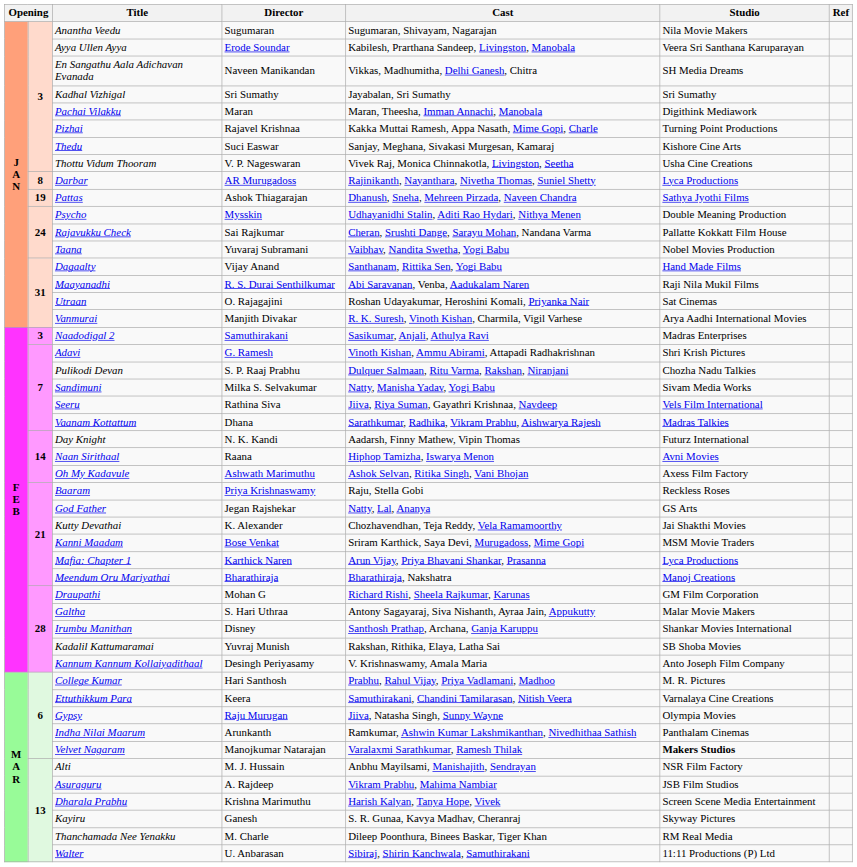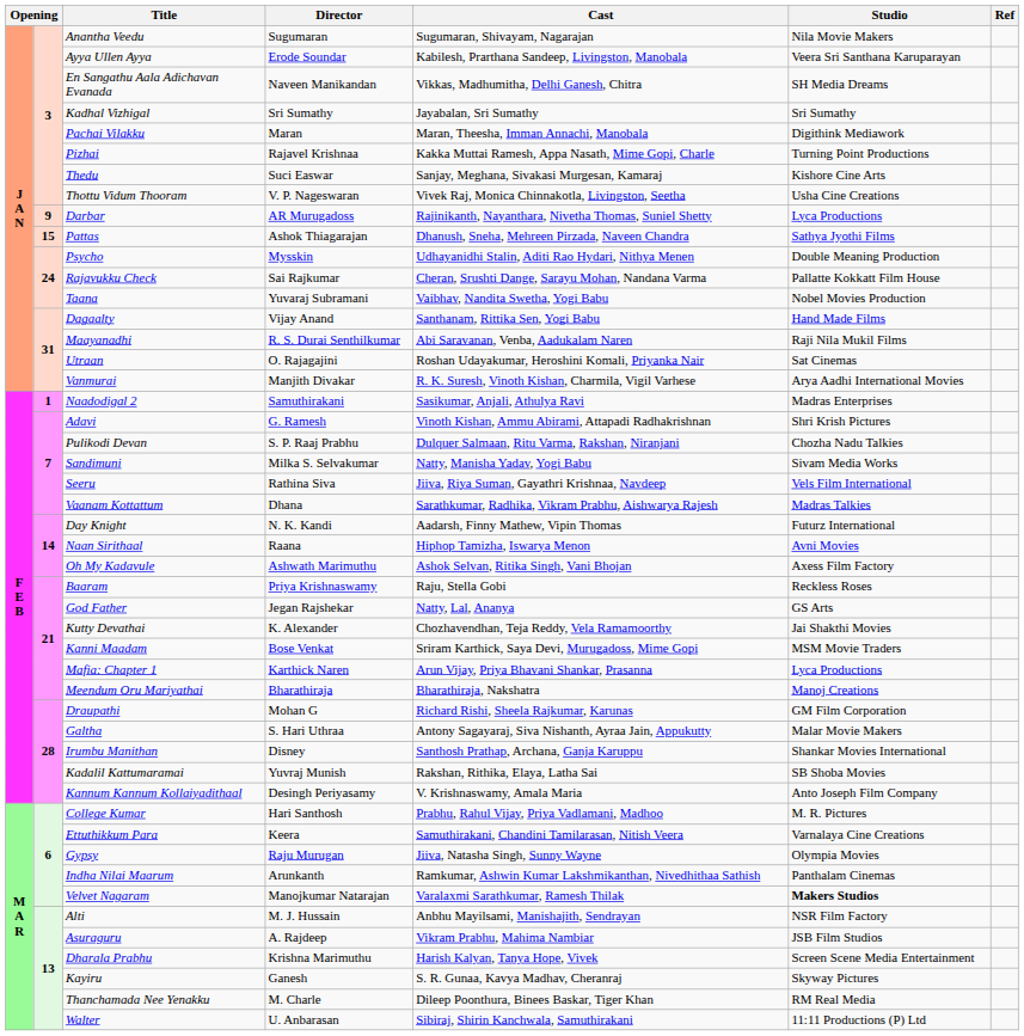 <table class="wikitable sortable">
 <tr>
 <th colspan="2">Opening</th>
 <th style="width:20%;">Title</th>
 <th>Director</th>
 <th>Cast</th>
 <th>Studio</th>
 <th>Ref</th>
 </tr>
 <tr>
 <td rowspan="17" style="text-align:center; background:#ffa07a; textcolor:#000;"><strong>J<br>A<br>N</strong></td>
 <td rowspan="8" style="text-align:center; background:#ffdacc;"><strong>3</strong></td>
 <td><em>Anantha Veedu</em></td>
 <td>Sugumaran</td>
 <td>Sugumaran, Shivayam, Nagarajan</td>
 <td>Nila Movie Makers</td>
 <td></td>
 </tr>
 <tr>
 <td><em>Ayya Ullen Ayya</em></td>
 <td><a href='#'>Erode Soundar</a></td>
 <td>Kabilesh, Prarthana Sandeep, <a href='#'>Livingston</a>, <a href='#'>Manobala</a></td>
 <td>Veera Sri Santhana Karuparayan</td>
 <td></td>
 </tr>
 <tr>
 <td><em>En Sangathu Aala Adichavan Evanada</em></td>
 <td>Naveen Manikandan</td>
 <td>Vikkas, Madhumitha, <a href='#'>Delhi Ganesh</a>, Chitra</td>
 <td>SH Media Dreams</td>
 <td></td>
 </tr>
 <tr>
 <td><em>Kadhal Vizhigal</em></td>
 <td>Sri Sumathy</td>
 <td>Jayabalan, Sri Sumathy</td>
 <td>Sri Sumathy</td>
 <td></td>
 </tr>
 <tr>
 <td><em><a href='#'>Pachai Vilakku</a></em></td>
 <td>Maran</td>
 <td>Maran, Theesha, <a href='#'>Imman Annachi</a>, <a href='#'>Manobala</a></td>
 <td>Digithink Mediawork</td>
 <td></td>
 </tr>
 <tr>
 <td><em><a href='#'>Pizhai</a></em></td>
 <td>Rajavel Krishnaa</td>
 <td>Kakka Muttai Ramesh, Appa Nasath, <a href='#'>Mime Gopi</a>, <a href='#'>Charle</a></td>
 <td>Turning Point Productions</td>
 <td></td>
 </tr>
 <tr>
 <td><em><a href='#'>Thedu</a></em></td>
 <td>Suci Easwar</td>
 <td>Sanjay, Meghana, Sivakasi Murgesan, Kamaraj</td>
 <td>Kishore Cine Arts</td>
 <td></td>
 </tr>
 <tr>
 <td><em>Thottu Vidum Thooram</em></td>
 <td>V. P. Nageswaran</td>
 <td>Vivek Raj, Monica Chinnakotla, <a href='#'>Livingston</a>, <a href='#'>Seetha</a></td>
 <td>Usha Cine Creations</td>
 <td></td>
 </tr>
 <tr>
-<td style="text-align:center; background:#ffdacc;"><strong>8</strong></td>
+<td style="text-align:center; background:#ffdacc;"><strong>9</strong></td>
 <td><em><a href='#'>Darbar</a></em></td>
 <td><a href='#'>AR Murugadoss</a></td>
 <td><a href='#'>Rajinikanth</a>, <a href='#'>Nayanthara</a>, <a href='#'>Nivetha Thomas</a>, <a href='#'>Suniel Shetty</a></td>
 <td><a href='#'>Lyca Productions</a></td>
 <td></td>
 </tr>
 <tr>
-<td style="text-align:center; background:#ffdacc;"><strong>19</strong></td>
+<td style="text-align:center; background:#ffdacc;"><strong>15</strong></td>
 <td><em><a href='#'>Pattas</a></em></td>
 <td>Ashok Thiagarajan</td>
 <td><a href='#'>Dhanush</a>, <a href='#'>Sneha</a>, <a href='#'>Mehreen Pirzada</a>, <a href='#'>Naveen Chandra</a></td>
 <td><a href='#'>Sathya Jyothi Films</a></td>
 <td></td>
 </tr>
 <tr>
 <td rowspan="3" style="text-align:center; background:#ffdacc;"><strong>24</strong></td>
 <td><em><a href='#'>Psycho</a></em></td>
 <td><a href='#'>Mysskin</a></td>
 <td><a href='#'>Udhayanidhi Stalin</a>, <a href='#'>Aditi Rao Hydari</a>, <a href='#'>Nithya Menen</a></td>
 <td>Double Meaning Production</td>
 <td></td>
 </tr>
 <tr>
 <td><em><a href='#'>Rajavukku Check</a></em></td>
 <td>Sai Rajkumar</td>
 <td><a href='#'>Cheran</a>, <a href='#'>Srushti Dange</a>, <a href='#'>Sarayu Mohan</a>, Nandana Varma</td>
 <td>Pallatte Kokkatt Film House</td>
 <td></td>
 </tr>
 <tr>
 <td><em><a href='#'>Taana</a></em></td>
 <td>Yuvaraj Subramani</td>
 <td><a href='#'>Vaibhav</a>, <a href='#'>Nandita Swetha</a>, <a href='#'>Yogi Babu</a></td>
 <td>Nobel Movies Production</td>
 <td></td>
 </tr>
 <tr>
 <td rowspan="4" style="text-align:center; background:#ffdacc;"><strong>31</strong></td>
 <td><em><a href='#'>Dagaalty</a></em></td>
 <td>Vijay Anand</td>
 <td><a href='#'>Santhanam</a>, <a href='#'>Rittika Sen</a>, <a href='#'>Yogi Babu</a></td>
 <td><a href='#'>Hand Made Films</a></td>
 <td></td>
 </tr>
 <tr>
 <td><em><a href='#'>Maayanadhi</a></em></td>
 <td><a href='#'>R. S. Durai Senthilkumar</a></td>
 <td><a href='#'>Abi Saravanan</a>, Venba, <a href='#'>Aadukalam Naren</a></td>
 <td>Raji Nila Mukil Films</td>
 <td></td>
 </tr>
 <tr>
 <td><em><a href='#'>Utraan</a></em></td>
 <td>O. Rajagajini</td>
 <td>Roshan Udayakumar, Heroshini Komali, <a href='#'>Priyanka Nair</a></td>
 <td>Sat Cinemas</td>
 <td></td>
 </tr>
 <tr>
 <td><em><a href='#'>Vanmurai</a></em></td>
 <td>Manjith Divakar</td>
 <td><a href='#'>R. K. Suresh</a>, <a href='#'>Vinoth Kishan</a>, Charmila, Vigil Varhese</td>
 <td>Arya Aadhi International Movies</td>
 <td></td>
 </tr>
 <tr>
 <td rowspan="20" style="text-align:center; background:#ff33ff; textcolor:;"><strong>F<br>E<br>B</strong></td>
-<td style="text-align:center; background:#ff99ff;"><strong>3</strong></td>
+<td style="text-align:center; background:#ff99ff;"><strong>1</strong></td>
 <td><em><a href='#'>Naadodigal 2</a></em></td>
 <td><a href='#'>Samuthirakani</a></td>
 <td><a href='#'>Sasikumar</a>, <a href='#'>Anjali</a>, <a href='#'>Athulya Ravi</a></td>
 <td>Madras Enterprises</td>
 <td></td>
 </tr>
 <tr>
 <td rowspan="5" style="text-align:center; background:#ff99ff;"><strong>7</strong></td>
 <td><em><a href='#'>Adavi</a></em></td>
 <td><a href='#'>G. Ramesh</a></td>
 <td><a href='#'>Vinoth Kishan</a>, <a href='#'>Ammu Abirami</a>, Attapadi Radhakrishnan</td>
 <td>Shri Krish Pictures</td>
 <td></td>
 </tr>
 <tr>
 <td><em>Pulikodi Devan</em></td>
 <td>S. P. Raaj Prabhu</td>
 <td><a href='#'>Dulquer Salmaan</a>, <a href='#'>Ritu Varma</a>, <a href='#'>Rakshan</a>, <a href='#'>Niranjani</a></td>
 <td>Chozha Nadu Talkies</td>
 <td></td>
 </tr>
 <tr>
 <td><em><a href='#'>Sandimuni</a></em></td>
 <td>Milka S. Selvakumar</td>
 <td><a href='#'>Natty</a>, <a href='#'>Manisha Yadav</a>, <a href='#'>Yogi Babu</a></td>
 <td>Sivam Media Works</td>
 <td></td>
 </tr>
 <tr>
 <td><em><a href='#'>Seeru</a></em></td>
 <td>Rathina Siva</td>
 <td><a href='#'>Jiiva</a>, <a href='#'>Riya Suman</a>, Gayathri Krishnaa, <a href='#'>Navdeep</a></td>
 <td><a href='#'>Vels Film International</a></td>
 <td></td>
 </tr>
 <tr>
 <td><em><a href='#'>Vaanam Kottattum</a></em></td>
 <td>Dhana</td>
 <td><a href='#'>Sarathkumar</a>, <a href='#'>Radhika</a>, <a href='#'>Vikram Prabhu</a>, <a href='#'>Aishwarya Rajesh</a></td>
 <td><a href='#'>Madras Talkies</a></td>
 <td></td>
 </tr>
 <tr>
 <td rowspan="3" style="text-align:center; background:#ff99ff;"><strong>14</strong></td>
 <td><em>Day Knight</em></td>
 <td>N. K. Kandi</td>
 <td>Aadarsh, Finny Mathew, Vipin Thomas</td>
 <td>Futurz International</td>
 <td></td>
 </tr>
 <tr>
 <td><em><a href='#'>Naan Sirithaal</a></em></td>
 <td>Raana</td>
 <td><a href='#'>Hiphop Tamizha</a>, <a href='#'>Iswarya Menon</a></td>
 <td><a href='#'>Avni Movies</a></td>
 <td></td>
 </tr>
 <tr>
 <td><em><a href='#'>Oh My Kadavule</a></em></td>
 <td><a href='#'>Ashwath Marimuthu</a></td>
 <td><a href='#'>Ashok Selvan</a>, <a href='#'>Ritika Singh</a>, <a href='#'>Vani Bhojan</a></td>
 <td>Axess Film Factory</td>
 <td></td>
 </tr>
 <tr>
 <td rowspan="6" style="text-align:center; background:#ff99ff;"><strong>21</strong></td>
 <td><em><a href='#'>Baaram</a></em></td>
 <td><a href='#'>Priya Krishnaswamy</a></td>
 <td>Raju, Stella Gobi</td>
 <td>Reckless Roses</td>
 <td></td>
 </tr>
 <tr>
 <td><em><a href='#'>God Father</a></em></td>
 <td>Jegan Rajshekar</td>
 <td><a href='#'>Natty</a>, <a href='#'>Lal</a>, <a href='#'>Ananya</a></td>
 <td>GS Arts</td>
 <td></td>
 </tr>
 <tr>
 <td><em>Kutty Devathai</em></td>
 <td>K. Alexander</td>
 <td>Chozhavendhan, Teja Reddy, <a href='#'>Vela Ramamoorthy</a></td>
 <td>Jai Shakthi Movies</td>
 <td></td>
 </tr>
 <tr>
 <td><em><a href='#'>Kanni Maadam</a></em></td>
 <td><a href='#'>Bose Venkat</a></td>
 <td>Sriram Karthick, Saya Devi, <a href='#'>Murugadoss</a>, <a href='#'>Mime Gopi</a></td>
 <td>MSM Movie Traders</td>
 <td></td>
 </tr>
 <tr>
 <td><em><a href='#'>Mafia: Chapter 1</a></em></td>
 <td><a href='#'>Karthick Naren</a></td>
 <td><a href='#'>Arun Vijay</a>, <a href='#'>Priya Bhavani Shankar</a>, <a href='#'>Prasanna</a></td>
 <td><a href='#'>Lyca Productions</a></td>
 <td></td>
 </tr>
 <tr>
 <td><em><a href='#'>Meendum Oru Mariyathai</a></em></td>
 <td><a href='#'>Bharathiraja</a></td>
 <td><a href='#'>Bharathiraja</a>, Nakshatra</td>
 <td><a href='#'>Manoj Creations</a></td>
 <td></td>
 </tr>
 <tr>
 <td rowspan="5" style="text-align:center; background:#ff99ff;"><strong>28</strong></td>
 <td><em><a href='#'>Draupathi</a></em></td>
 <td>Mohan G</td>
 <td><a href='#'>Richard Rishi</a>, <a href='#'>Sheela Rajkumar</a>, <a href='#'>Karunas</a></td>
 <td>GM Film Corporation</td>
 <td></td>
 </tr>
 <tr>
 <td><em><a href='#'>Galtha</a></em></td>
 <td>S. Hari Uthraa</td>
 <td>Antony Sagayaraj, Siva Nishanth, Ayraa Jain, <a href='#'>Appukutty</a></td>
 <td>Malar Movie Makers</td>
 <td></td>
 </tr>
 <tr>
 <td><em><a href='#'>Irumbu Manithan</a></em></td>
 <td>Disney</td>
 <td><a href='#'>Santhosh Prathap</a>, Archana, <a href='#'>Ganja Karuppu</a></td>
 <td>Shankar Movies International</td>
 <td></td>
 </tr>
 <tr>
 <td><em>Kadalil Kattumaramai</em></td>
 <td>Yuvraj Munish</td>
 <td>Rakshan, Rithika, Elaya, Latha Sai</td>
 <td>SB Shoba Movies</td>
 <td></td>
 </tr>
 <tr>
 <td><em><a href='#'>Kannum Kannum Kollaiyadithaal</a></em></td>
 <td>Desingh Periyasamy</td>
 <td>V. Krishnaswamy, Amala Maria</td>
 <td>Anto Joseph Film Company</td>
 <td></td>
 </tr>
 <tr>
 <td rowspan="11" style="text-align:center; background:#98fb98; textcolor:#000;"><strong>M<br>A<br>R</strong></td>
 <td rowspan="5" style="text-align:center; background:#e0f9e0;"><strong>6</strong></td>
 <td><em><a href='#'>College Kumar</a></em></td>
 <td>Hari Santhosh</td>
 <td><a href='#'>Prabhu</a>, <a href='#'>Rahul Vijay</a>, <a href='#'>Priya Vadlamani</a>, <a href='#'>Madhoo</a></td>
 <td>M. R. Pictures</td>
 <td></td>
 </tr>
 <tr>
 <td><em><a href='#'>Ettuthikkum Para</a></em></td>
 <td>Keera</td>
 <td><a href='#'>Samuthirakani</a>, <a href='#'>Chandini Tamilarasan</a>, <a href='#'>Nitish Veera</a></td>
 <td>Varnalaya Cine Creations</td>
 <td></td>
 </tr>
 <tr>
 <td><em><a href='#'>Gypsy</a></em></td>
 <td><a href='#'>Raju Murugan</a></td>
 <td><a href='#'>Jiiva</a>, Natasha Singh, <a href='#'>Sunny Wayne</a></td>
 <td>Olympia Movies</td>
 <td></td>
 </tr>
 <tr>
 <td><em><a href='#'>Indha Nilai Maarum</a></em></td>
 <td>Arunkanth</td>
 <td>Ramkumar, <a href='#'>Ashwin Kumar Lakshmikanthan</a>, <a href='#'>Nivedhithaa Sathish</a></td>
 <td>Panthalam Cinemas</td>
 <td></td>
 </tr>
 <tr>
 <td><em><a href='#'>Velvet Nagaram</a></em></td>
 <td>Manojkumar Natarajan</td>
 <td><a href='#'>Varalaxmi Sarathkumar</a>, <a href='#'>Ramesh Thilak</a></td>
 <td><strong>Makers Studios</strong></td>
 <td></td>
 </tr>
 <tr>
 <td rowspan="6" style="text-align:center; background:#e0f9e0;"><strong>13</strong></td>
 <td><em>Alti</em></td>
 <td>M. J. Hussain</td>
 <td>Anbhu Mayilsami, <a href='#'>Manishajith</a>, <a href='#'>Sendrayan</a></td>
 <td>NSR Film Factory</td>
 <td></td>
 </tr>
 <tr>
 <td><em><a href='#'>Asuraguru</a></em></td>
 <td>A. Rajdeep</td>
 <td><a href='#'>Vikram Prabhu</a>, <a href='#'>Mahima Nambiar</a></td>
 <td>JSB Film Studios</td>
 <td></td>
 </tr>
 <tr>
 <td><em><a href='#'>Dharala Prabhu</a></em></td>
 <td>Krishna Marimuthu</td>
 <td><a href='#'>Harish Kalyan</a>, <a href='#'>Tanya Hope</a>, <a href='#'>Vivek</a></td>
 <td>Screen Scene Media Entertainment</td>
 <td></td>
 </tr>
 <tr>
 <td><em>Kayiru</em></td>
 <td>Ganesh</td>
 <td>S. R. Gunaa, Kavya Madhav, Cheranraj</td>
 <td>Skyway Pictures</td>
 <td></td>
 </tr>
 <tr>
 <td><em>Thanchamada Nee Yenakku</em></td>
 <td>M. Charle</td>
 <td>Dileep Poonthura, Binees Baskar, Tiger Khan</td>
 <td>RM Real Media</td>
 <td></td>
 </tr>
 <tr>
 <td><em><a href='#'>Walter</a></em></td>
 <td>U. Anbarasan</td>
 <td><a href='#'>Sibiraj</a>, <a href='#'>Shirin Kanchwala</a>, <a href='#'>Samuthirakani</a></td>
 <td>11:11 Productions (P) Ltd</td>
 <td></td>
 </tr>
 </table>
